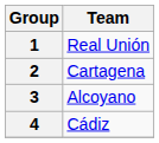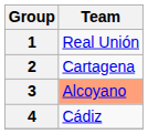 <table class="wikitable">
 <tr>
 <th>Group</th>
 <th>Team</th>
 </tr>
 <tr>
 <th>1</th>
 <td><a href='#'>Real Unión</a></td>
 </tr>
 <tr>
 <th>2</th>
 <td><a href='#'>Cartagena</a></td>
 </tr>
 <tr>
 <th>3</th>
-<td><a href='#'>Alcoyano</a></td>
+<td style="background: lightsalmon;"><a href='#'>Alcoyano</a></td>
 </tr>
 <tr>
 <th>4</th>
 <td><a href='#'>Cádiz</a></td>
 </tr>
 <tr>
 </tr>
 </table>
